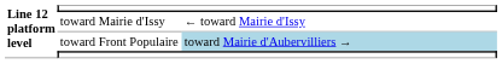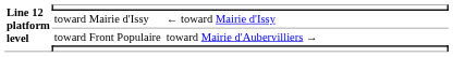 <table border=0 cellspacing=0 cellpadding=3>
 <tr>
 <td style="border-bottom:solid 1px gray;" width=50 rowspan=10 valign=top><strong>Line 12 platform level</strong></td>
 <td style="border-top:solid 1px gray;border-right:solid 2px black;border-left:solid 2px black;border-bottom:solid 2px black;text-align:center;" colspan=2></td>
 </tr>
 <tr>
 <td style="border-bottom:solid 1px gray;" width=150>toward Mairie d'Issy</td>
 <td style="border-bottom:solid 1px gray;" width=390>←   toward <a href='#'>Mairie d'Issy</a> </td>
 </tr>
 <tr>
 <td>toward Front Populaire</td>
-<td style="background: lightblue;">   toward <a href='#'>Mairie d'Aubervilliers</a>  →</td>
+<td>   toward <a href='#'>Mairie d'Aubervilliers</a>  →</td>
 </tr>
 <tr>
 <td style="border-top:solid 2px black;border-right:solid 2px black;border-left:solid 2px black;border-bottom:solid 1px gray;text-align:center;" colspan=2></td>
 </tr>
 </table>
